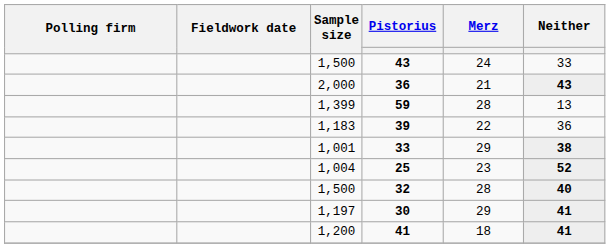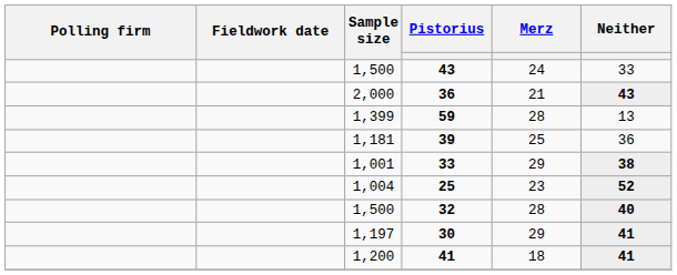 <table class="wikitable sortable mw-datatable" style="text-align:center;font-size:90%;line-height:14px;">
 <tr style="height:40px;">
 <th style="width:155px;" rowspan="2">Polling firm</th>
 <th style="width:120px;" rowspan="2">Fieldwork date</th>
 <th style="width: 35px;" rowspan="2">Sample<br>size</th>
 <th class="unsortable" style="width:70px;"><a href='#'>Pistorius</a><br></th>
 <th class="unsortable" style="width:70px;"><a href='#'>Merz</a><br></th>
 <th class="unsortable" style="width:70px;">Neither</th>
 </tr>
 <tr>
 <th style="background:"></th>
 <th style="background:"></th>
 <th style="background:"></th>
 </tr>
 <tr>
 <td></td>
 <td></td>
 <td>1,500</td>
 <td><strong>43</strong></td>
 <td>24</td>
 <td>33</td>
 </tr>
 <tr>
 <td></td>
 <td></td>
 <td>2,000</td>
 <td><strong>36</strong></td>
 <td>21</td>
 <td style="background:#EEEEEE;"><strong>43</strong></td>
 </tr>
 <tr>
 <td></td>
 <td></td>
 <td>1,399</td>
 <td><strong>59</strong></td>
 <td>28</td>
 <td>13</td>
 </tr>
 <tr>
 <td></td>
 <td></td>
-<td>1,183</td>
+<td>1,181</td>
 <td><strong>39</strong></td>
-<td>22</td>
+<td>25</td>
 <td>36</td>
 </tr>
 <tr>
 <td></td>
 <td></td>
 <td>1,001</td>
 <td><strong>33</strong></td>
 <td>29</td>
 <td style="background:#EEEEEE;"><strong>38</strong></td>
 </tr>
 <tr>
 <td></td>
 <td></td>
 <td>1,004</td>
 <td><strong>25</strong></td>
 <td>23</td>
 <td style="background:#EEEEEE;"><strong>52</strong></td>
 </tr>
 <tr>
 <td></td>
 <td></td>
 <td>1,500</td>
 <td><strong>32</strong></td>
 <td>28</td>
 <td style="background:#EEEEEE;"><strong>40</strong></td>
 </tr>
 <tr>
 <td></td>
 <td></td>
 <td>1,197</td>
 <td><strong>30</strong></td>
 <td>29</td>
 <td style="background:#EEEEEE;"><strong>41</strong></td>
 </tr>
 <tr>
 <td></td>
 <td></td>
 <td>1,200</td>
 <td><strong>41</strong></td>
 <td>18</td>
 <td style="background:#EEEEEE;"><strong>41</strong></td>
 </tr>
 <tr>
 </tr>
 </table>
